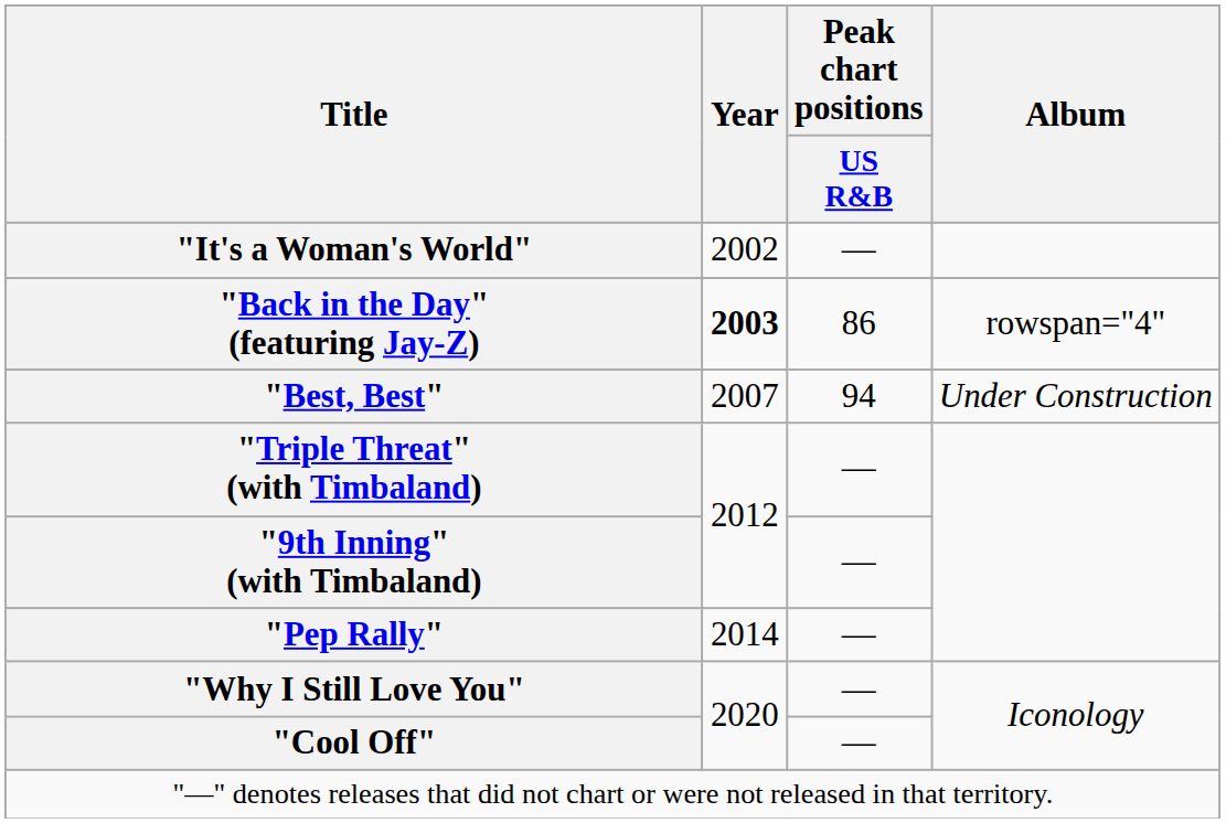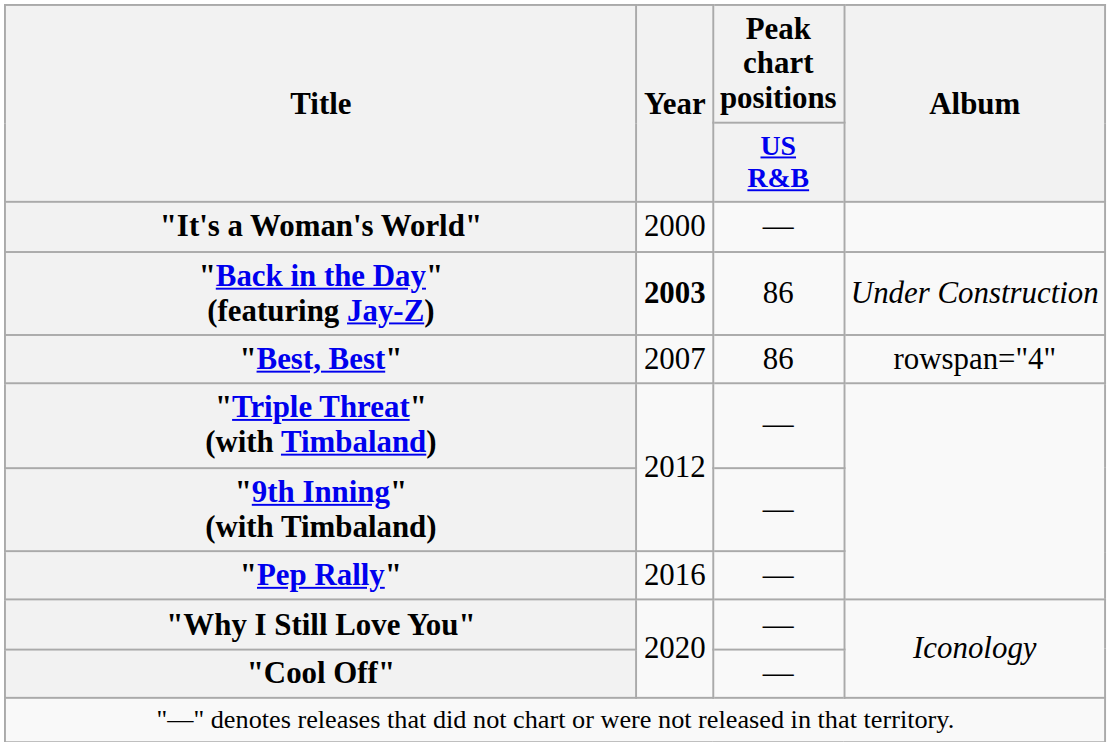 <table class="wikitable plainrowheaders" style="text-align:center;">
 <tr>
 <th scope="col" rowspan="2" style="width:20em;">Title</th>
 <th scope="col" rowspan="2">Year</th>
 <th scope="col" colspan="1">Peak chart positions</th>
 <th scope="col" rowspan="2">Album</th>
 </tr>
 <tr>
 <th style="width:2.5em; font-size:90%"><a href='#'>US<br>R&B</a><br></th>
 </tr>
 <tr>
 <th scope="row">"It's a Woman's World"</th>
-<td>2002</td>
+<td>2000</td>
 <td>—</td>
 <td></td>
 </tr>
 <tr>
 <th scope="row">"<a href='#'>Back in the Day</a>"<br><span>(featuring <a href='#'>Jay-Z</a>)</span></th>
 <td><strong>2003</strong></td>
 <td>86</td>
-<td>rowspan="4" </td>
+<td><em>Under Construction</em></td>
 </tr>
 <tr>
 <th scope="row">"<a href='#'>Best, Best</a>"</th>
 <td>2007</td>
-<td>94</td>
-<td><em>Under Construction</em></td>
+<td>86</td>
+<td>rowspan="4" </td>
 </tr>
 <tr>
 <th scope="row">"<a href='#'>Triple Threat</a>"<br><span>(with <a href='#'>Timbaland</a>)</span></th>
 <td rowspan="2">2012</td>
 <td>—</td>
 </tr>
 <tr>
 <th scope="row">"<a href='#'>9th Inning</a>"<br><span>(with Timbaland)</span></th>
 <td>—</td>
 </tr>
 <tr>
 <th scope="row">"<a href='#'>Pep Rally</a>"</th>
-<td>2014</td>
+<td>2016</td>
 <td>—</td>
 </tr>
 <tr>
 <th scope="row">"Why I Still Love You"</th>
 <td rowspan="2">2020</td>
 <td>—</td>
 <td rowspan="2"><em>Iconology</em></td>
 </tr>
 <tr>
 <th scope="row">"Cool Off"</th>
 <td>—</td>
 </tr>
 <tr>
 <td colspan="15" style="font-size:85%">"—" denotes releases that did not chart or were not released in that territory.</td>
 </tr>
 </table>
